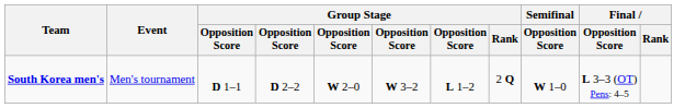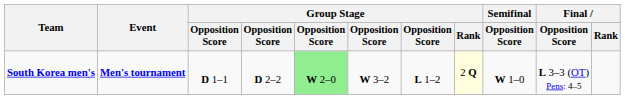 <table class="wikitable" style="font-size:90%">
 <tr>
 <th rowspan=2>Team</th>
 <th rowspan=2>Event</th>
 <th colspan=6>Group Stage</th>
 <th>Semifinal</th>
 <th colspan=2>Final / </th>
 </tr>
 <tr style="font-size:95%">
 <th>Opposition<br>Score</th>
 <th>Opposition<br>Score</th>
 <th>Opposition<br>Score</th>
 <th>Opposition<br>Score</th>
 <th>Opposition<br>Score</th>
 <th>Rank</th>
 <th>Opposition<br>Score</th>
 <th>Opposition<br>Score</th>
 <th>Rank</th>
 </tr>
 <tr style="text-align: center;">
 <td style="text-align: left;"><strong><a href='#'>South Korea men's</a></strong></td>
-<td style="text-align: left;"><a href='#'>Men's tournament</a></td>
+<td style="text-align: left;"><strong><a href='#'>Men's tournament</a></strong></td>
 <td><br><strong>D</strong> 1–1</td>
 <td><br><strong>D</strong> 2–2</td>
-<td><br><strong>W</strong> 2–0</td>
+<td style="background: lightgreen;"><br><strong>W</strong> 2–0</td>
 <td><br><strong>W</strong> 3–2</td>
 <td><br><strong>L</strong> 1–2</td>
-<td>2 <strong>Q</strong></td>
+<td style="background: lightyellow;">2 <strong>Q</strong></td>
 <td><br><strong>W</strong> 1–0</td>
 <td><br><strong>L</strong> 3–3 (<a href='#'>OT</a>)<br><small><a href='#'>Pens</a>: 4–5</small></td>
 <td></td>
 </tr>
 </table>
